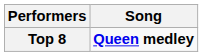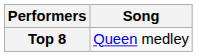 <table class="wikitable unsortable" style="text-align:center;">
 <tr>
 <th scope="col">Performers</th>
 <th scope="col">Song</th>
 </tr>
 <tr>
 <th scope="row">Top 8</th>
-<td><strong><a href='#'>Queen</a> medley</strong></td>
+<td><a href='#'>Queen</a> medley</td>
 </tr>
 </table>
